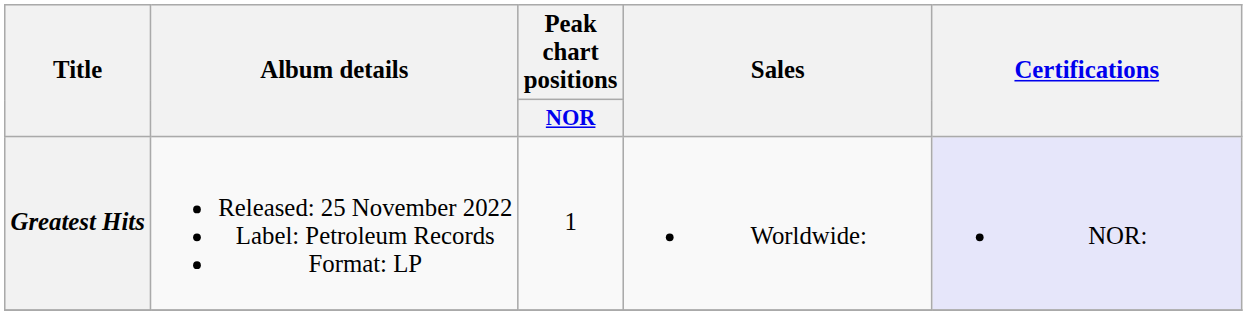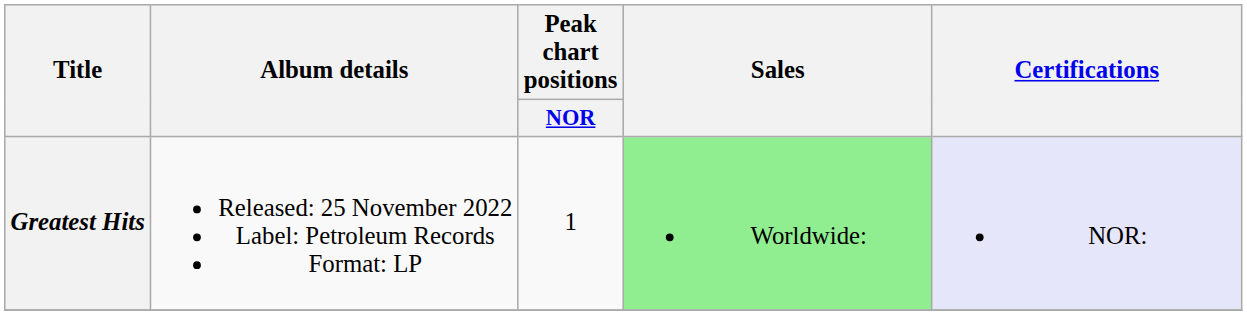 <table class="wikitable plainrowheaders" style="text-align:center;" border="1">
 <tr>
 <th scope="col" rowspan="2">Title</th>
 <th scope="col" rowspan="2">Album details</th>
 <th scope="col" colspan="1">Peak chart positions</th>
 <th scope="col" rowspan="2" style="width:12em;">Sales</th>
 <th scope="col" rowspan="2" style="width:12em;"><a href='#'>Certifications</a></th>
 </tr>
 <tr>
 <th scope="col" style="width:3em;font-size:90%;"><a href='#'>NOR</a><br></th>
 </tr>
 <tr>
 <th scope="row"><em>Greatest Hits</em></th>
 <td><br><ul><li>Released: 25 November 2022</li><li>Label: Petroleum Records</li><li>Format: LP</li></ul></td>
 <td>1</td>
-<td><br><ul><li>Worldwide:</li></ul></td>
+<td style="background: lightgreen;"><br><ul><li>Worldwide:</li></ul></td>
 <td style="background: lavender;"><br><ul><li>NOR:</li></ul></td>
 </tr>
 <tr>
 </tr>
 </table>
